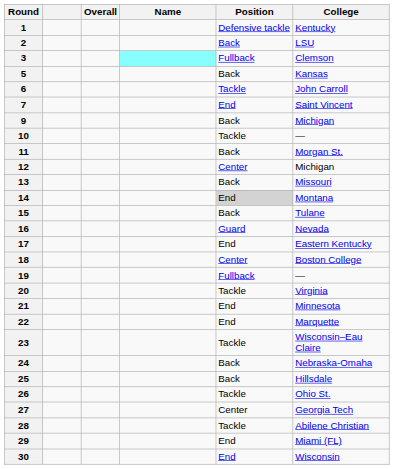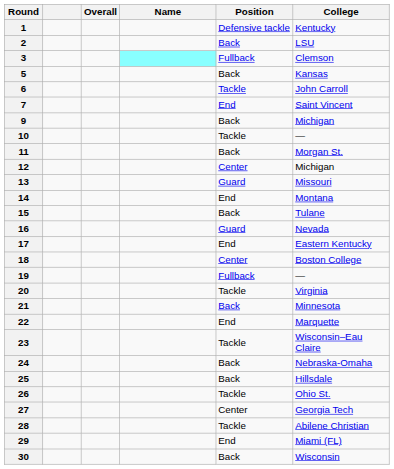 <table class="wikitable sortable" style="width: 50%;">
 <tr>
 <th scope="col" style="width: 10%;">Round</th>
 <th scope="col" style="width: 10%;"></th>
 <th scope="col" style="width: 10%;">Overall</th>
 <th scope="col" style="width: 25%;">Name</th>
 <th scope="col" style="width: 20%;">Position</th>
 <th scope="col" style="width: 25%;">College</th>
 </tr>
 <tr>
 <th scope="row">1</th>
 <td></td>
 <td></td>
 <td></td>
 <td><a href='#'>Defensive tackle</a></td>
 <td><a href='#'>Kentucky</a></td>
 </tr>
 <tr>
 <th scope="row">2</th>
 <td></td>
 <td></td>
 <td></td>
 <td><a href='#'>Back</a></td>
 <td><a href='#'>LSU</a></td>
 </tr>
 <tr>
 <th scope="row">3</th>
 <td></td>
 <td></td>
 <td style="background:#88FFFF;"> <sup></sup></td>
 <td><a href='#'>Fullback</a></td>
 <td><a href='#'>Clemson</a></td>
 </tr>
 <tr>
 <th scope="row">5</th>
 <td></td>
 <td></td>
 <td></td>
 <td>Back</td>
 <td><a href='#'>Kansas</a></td>
 </tr>
 <tr>
 <th scope="row">6</th>
 <td></td>
 <td></td>
 <td></td>
 <td><a href='#'>Tackle</a></td>
 <td><a href='#'>John Carroll</a></td>
 </tr>
 <tr>
 <th scope="row">7</th>
 <td></td>
 <td></td>
 <td></td>
 <td><a href='#'>End</a></td>
 <td><a href='#'>Saint Vincent</a></td>
 </tr>
 <tr>
 <th scope="row">9</th>
 <td></td>
 <td></td>
 <td></td>
 <td>Back</td>
 <td><a href='#'>Michigan</a></td>
 </tr>
 <tr>
 <th scope="row">10</th>
 <td></td>
 <td></td>
 <td></td>
 <td>Tackle</td>
 <td>—</td>
 </tr>
 <tr>
 <th scope="row">11</th>
 <td></td>
 <td></td>
 <td></td>
 <td>Back</td>
 <td><a href='#'>Morgan St.</a></td>
 </tr>
 <tr>
 <th scope="row">12</th>
 <td></td>
 <td></td>
 <td></td>
 <td><a href='#'>Center</a></td>
 <td>Michigan</td>
 </tr>
 <tr>
 <th scope="row">13</th>
 <td></td>
 <td></td>
 <td></td>
-<td>Back</td>
+<td><a href='#'>Guard</a></td>
 <td><a href='#'>Missouri</a></td>
 </tr>
 <tr>
 <th scope="row">14</th>
 <td></td>
 <td></td>
 <td></td>
-<td style="background: lightgrey;">End</td>
+<td>End</td>
 <td><a href='#'>Montana</a></td>
 </tr>
 <tr>
 <th scope="row">15</th>
 <td></td>
 <td></td>
 <td></td>
 <td>Back</td>
 <td><a href='#'>Tulane</a></td>
 </tr>
 <tr>
 <th scope="row">16</th>
 <td></td>
 <td></td>
 <td></td>
 <td><a href='#'>Guard</a></td>
 <td><a href='#'>Nevada</a></td>
 </tr>
 <tr>
 <th scope="row">17</th>
 <td></td>
 <td></td>
 <td></td>
 <td>End</td>
 <td><a href='#'>Eastern Kentucky</a></td>
 </tr>
 <tr>
 <th scope="row">18</th>
 <td></td>
 <td></td>
 <td></td>
 <td><a href='#'>Center</a></td>
 <td><a href='#'>Boston College</a></td>
 </tr>
 <tr>
 <th scope="row">19</th>
 <td></td>
 <td></td>
 <td></td>
 <td><a href='#'>Fullback</a></td>
 <td>—</td>
 </tr>
 <tr>
 <th scope="row">20</th>
 <td></td>
 <td></td>
 <td></td>
 <td>Tackle</td>
 <td><a href='#'>Virginia</a></td>
 </tr>
 <tr>
 <th scope="row">21</th>
 <td></td>
 <td></td>
 <td></td>
-<td>End</td>
+<td><a href='#'>Back</a></td>
 <td><a href='#'>Minnesota</a></td>
 </tr>
 <tr>
 <th scope="row">22</th>
 <td></td>
 <td></td>
 <td></td>
 <td>End</td>
 <td><a href='#'>Marquette</a></td>
 </tr>
 <tr>
 <th scope="row">23</th>
 <td></td>
 <td></td>
 <td></td>
 <td>Tackle</td>
 <td><a href='#'>Wisconsin–Eau Claire</a></td>
 </tr>
 <tr>
 <th scope="row">24</th>
 <td></td>
 <td></td>
 <td></td>
 <td>Back</td>
 <td><a href='#'>Nebraska-Omaha</a></td>
 </tr>
 <tr>
 <th scope="row">25</th>
 <td></td>
 <td></td>
 <td></td>
 <td>Back</td>
 <td><a href='#'>Hillsdale</a></td>
 </tr>
 <tr>
 <th scope="row">26</th>
 <td></td>
 <td></td>
 <td></td>
 <td>Tackle</td>
 <td><a href='#'>Ohio St.</a></td>
 </tr>
 <tr>
 <th scope="row">27</th>
 <td></td>
 <td></td>
 <td></td>
 <td>Center</td>
 <td><a href='#'>Georgia Tech</a></td>
 </tr>
 <tr>
 <th scope="row">28</th>
 <td></td>
 <td></td>
 <td></td>
 <td>Tackle</td>
 <td><a href='#'>Abilene Christian</a></td>
 </tr>
 <tr>
 <th scope="row">29</th>
 <td></td>
 <td></td>
 <td></td>
 <td>End</td>
 <td><a href='#'>Miami (FL)</a></td>
 </tr>
 <tr>
 <th scope="row">30</th>
 <td></td>
 <td></td>
 <td></td>
-<td><a href='#'>End</a></td>
+<td>Back</td>
 <td><a href='#'>Wisconsin</a></td>
 </tr>
 </table>
